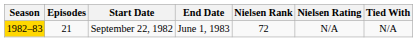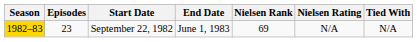 <table class="wikitable" style="text-align: center">
 <tr>
 <th>Season</th>
 <th>Episodes</th>
 <th>Start Date</th>
 <th>End Date</th>
 <th>Nielsen Rank</th>
 <th>Nielsen Rating</th>
 <th>Tied With</th>
 </tr>
 <tr>
 <td style="background: gold; text-align:center">1982–83</td>
-<td style="text-align:center">21</td>
+<td style="text-align:center">23</td>
 <td style="text-align:center">September 22, 1982</td>
 <td style="text-align:center">June 1, 1983</td>
-<td style="text-align:center:">72</td>
+<td style="text-align:center:">69</td>
 <td style="text-align:center">N/A</td>
 <td style="text-align:center">N/A</td>
 </tr>
 </table>
